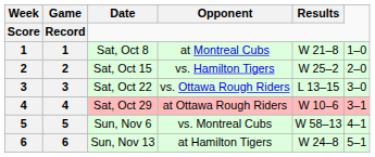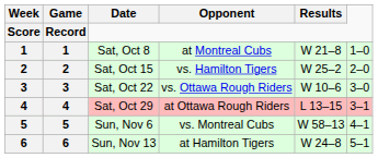 <table class="wikitable" style="text-align:center">
 <tr>
 <th>Week</th>
 <th>Game</th>
 <th>Date</th>
 <th>Opponent</th>
 <th>Results</th>
 </tr>
 <tr>
 <th>Score</th>
 <th>Record</th>
 </tr>
 <tr style="background:#ddffdd">
 <th>1</th>
 <th>1</th>
 <td>Sat, Oct 8</td>
 <td>at <a href='#'>Montreal Cubs</a></td>
 <td>W 21–8</td>
 <td>1–0</td>
 </tr>
 <tr style="background:#ddffdd">
 <th>2</th>
 <th>2</th>
 <td>Sat, Oct 15</td>
 <td>vs. <a href='#'>Hamilton Tigers</a></td>
 <td>W 25–2</td>
 <td>2–0</td>
 </tr>
 <tr style="background:#ddffdd">
 <th>3</th>
 <th>3</th>
 <td>Sat, Oct 22</td>
 <td>vs. <a href='#'>Ottawa Rough Riders</a></td>
-<td>L 13–15</td>
+<td>W 10–6</td>
 <td>3–0</td>
 </tr>
 <tr style="background:#ffbbbb">
 <th>4</th>
 <th>4</th>
 <td>Sat, Oct 29</td>
 <td>at Ottawa Rough Riders</td>
-<td>W 10–6</td>
+<td>L 13–15</td>
 <td>3–1</td>
 </tr>
 <tr style="background:#ddffdd">
 <th>5</th>
 <th>5</th>
 <td>Sun, Nov 6</td>
 <td>vs. Montreal Cubs</td>
 <td>W 58–13</td>
 <td>4–1</td>
 </tr>
 <tr style="background:#ddffdd">
 <th>6</th>
 <th>6</th>
 <td>Sun, Nov 13</td>
 <td>at Hamilton Tigers</td>
 <td>W 24–8</td>
 <td>5–1</td>
 </tr>
 </table>
